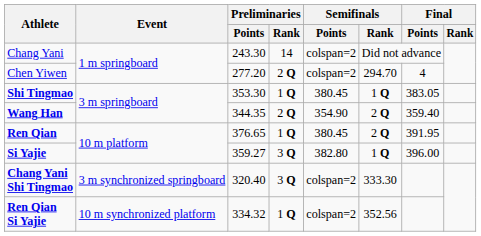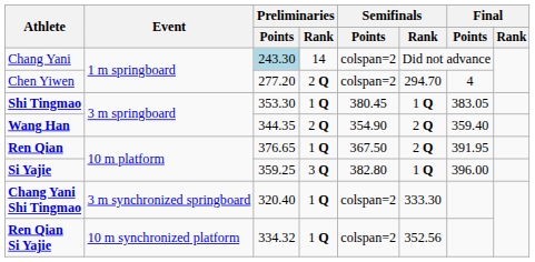 <table class=wikitable style="font-size:90%;">
 <tr>
 <th rowspan="2">Athlete</th>
 <th rowspan="2">Event</th>
 <th colspan="2">Preliminaries</th>
 <th colspan="2">Semifinals</th>
 <th colspan="2">Final</th>
 </tr>
 <tr style="font-size:95%">
 <th>Points</th>
 <th>Rank</th>
 <th>Points</th>
 <th>Rank</th>
 <th>Points</th>
 <th>Rank</th>
 </tr>
 <tr align=center>
 <td align=left><a href='#'>Chang Yani</a></td>
 <td align=left rowspan=2><a href='#'>1 m springboard</a></td>
-<td>243.30</td>
+<td style="background: lightblue;">243.30</td>
 <td>14</td>
 <td>colspan=2 </td>
 <td colspan=2>Did not advance</td>
 </tr>
 <tr align=center>
 <td align=left><a href='#'>Chen Yiwen</a></td>
 <td>277.20</td>
 <td>2 <strong>Q</strong></td>
 <td>colspan=2 </td>
 <td>294.70</td>
 <td>4</td>
 </tr>
 <tr align=center>
 <td align=left><strong><a href='#'>Shi Tingmao</a></strong></td>
 <td align=left rowspan=2><a href='#'>3 m springboard</a></td>
 <td>353.30</td>
 <td>1 <strong>Q</strong></td>
 <td>380.45</td>
 <td>1 <strong>Q</strong></td>
 <td>383.05</td>
 <td></td>
 </tr>
 <tr align=center>
 <td align=left><strong><a href='#'>Wang Han</a></strong></td>
 <td>344.35</td>
 <td>2 <strong>Q</strong></td>
 <td>354.90</td>
 <td>2 <strong>Q</strong></td>
 <td>359.40</td>
 <td></td>
 </tr>
 <tr align=center>
 <td align=left><strong><a href='#'>Ren Qian</a></strong></td>
 <td align=left rowspan=2><a href='#'>10 m platform</a></td>
 <td>376.65</td>
 <td>1 <strong>Q</strong></td>
-<td>380.45</td>
+<td>367.50</td>
 <td>2 <strong>Q</strong></td>
 <td>391.95</td>
 <td></td>
 </tr>
 <tr align=center>
 <td align=left><strong><a href='#'>Si Yajie</a></strong></td>
-<td>359.27</td>
+<td>359.25</td>
 <td>3 <strong>Q</strong></td>
 <td>382.80</td>
 <td>1 <strong>Q</strong></td>
 <td>396.00</td>
 <td></td>
 </tr>
 <tr align=center>
 <td align=left><strong><a href='#'>Chang Yani</a><br><a href='#'>Shi Tingmao</a></strong></td>
 <td align=left><a href='#'>3 m synchronized springboard</a></td>
 <td>320.40</td>
-<td>3 <strong>Q</strong></td>
+<td>1 <strong>Q</strong></td>
 <td>colspan=2 </td>
 <td>333.30</td>
 <td></td>
 </tr>
 <tr align=center>
 <td align=left><strong><a href='#'>Ren Qian</a><br><a href='#'>Si Yajie</a></strong></td>
 <td align=left><a href='#'>10 m synchronized platform</a></td>
 <td>334.32</td>
 <td>1 <strong>Q</strong></td>
 <td>colspan=2 </td>
 <td>352.56</td>
 <td></td>
 </tr>
 </table>
